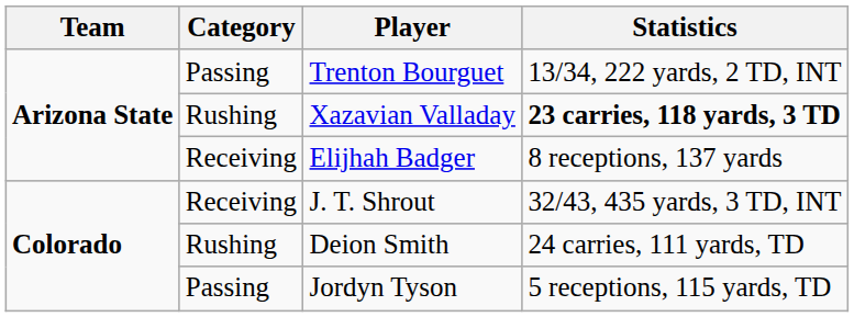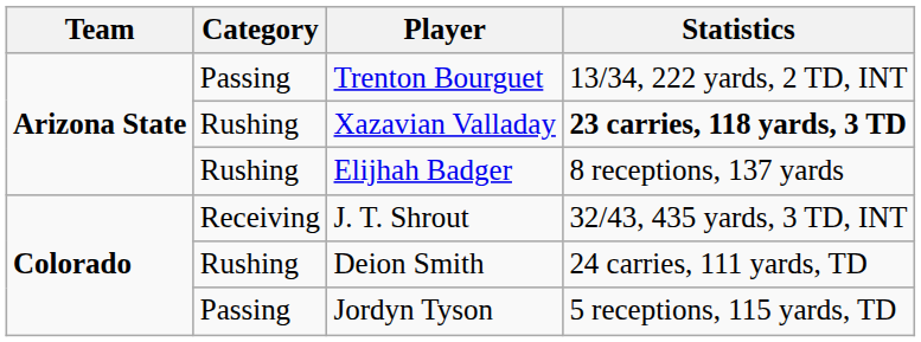 <table class="wikitable" style="float: right;">
 <tr>
 <th>Team</th>
 <th>Category</th>
 <th>Player</th>
 <th>Statistics</th>
 </tr>
 <tr>
 <td rowspan=3><strong>Arizona State</strong></td>
 <td>Passing</td>
 <td><a href='#'>Trenton Bourguet</a></td>
 <td>13/34, 222 yards, 2 TD, INT</td>
 </tr>
 <tr>
 <td>Rushing</td>
 <td><a href='#'>Xazavian Valladay</a></td>
 <td><strong>23 carries, 118 yards, 3 TD</strong></td>
 </tr>
 <tr>
-<td>Receiving</td>
+<td>Rushing</td>
 <td><a href='#'>Elijhah Badger</a></td>
 <td>8 receptions, 137 yards</td>
 </tr>
 <tr>
 <td rowspan=3><strong>Colorado</strong></td>
 <td>Receiving</td>
 <td>J. T. Shrout</td>
 <td>32/43, 435 yards, 3 TD, INT</td>
 </tr>
 <tr>
 <td>Rushing</td>
 <td>Deion Smith</td>
 <td>24 carries, 111 yards, TD</td>
 </tr>
 <tr>
 <td>Passing</td>
 <td>Jordyn Tyson</td>
 <td>5 receptions, 115 yards, TD</td>
 </tr>
 </table>
